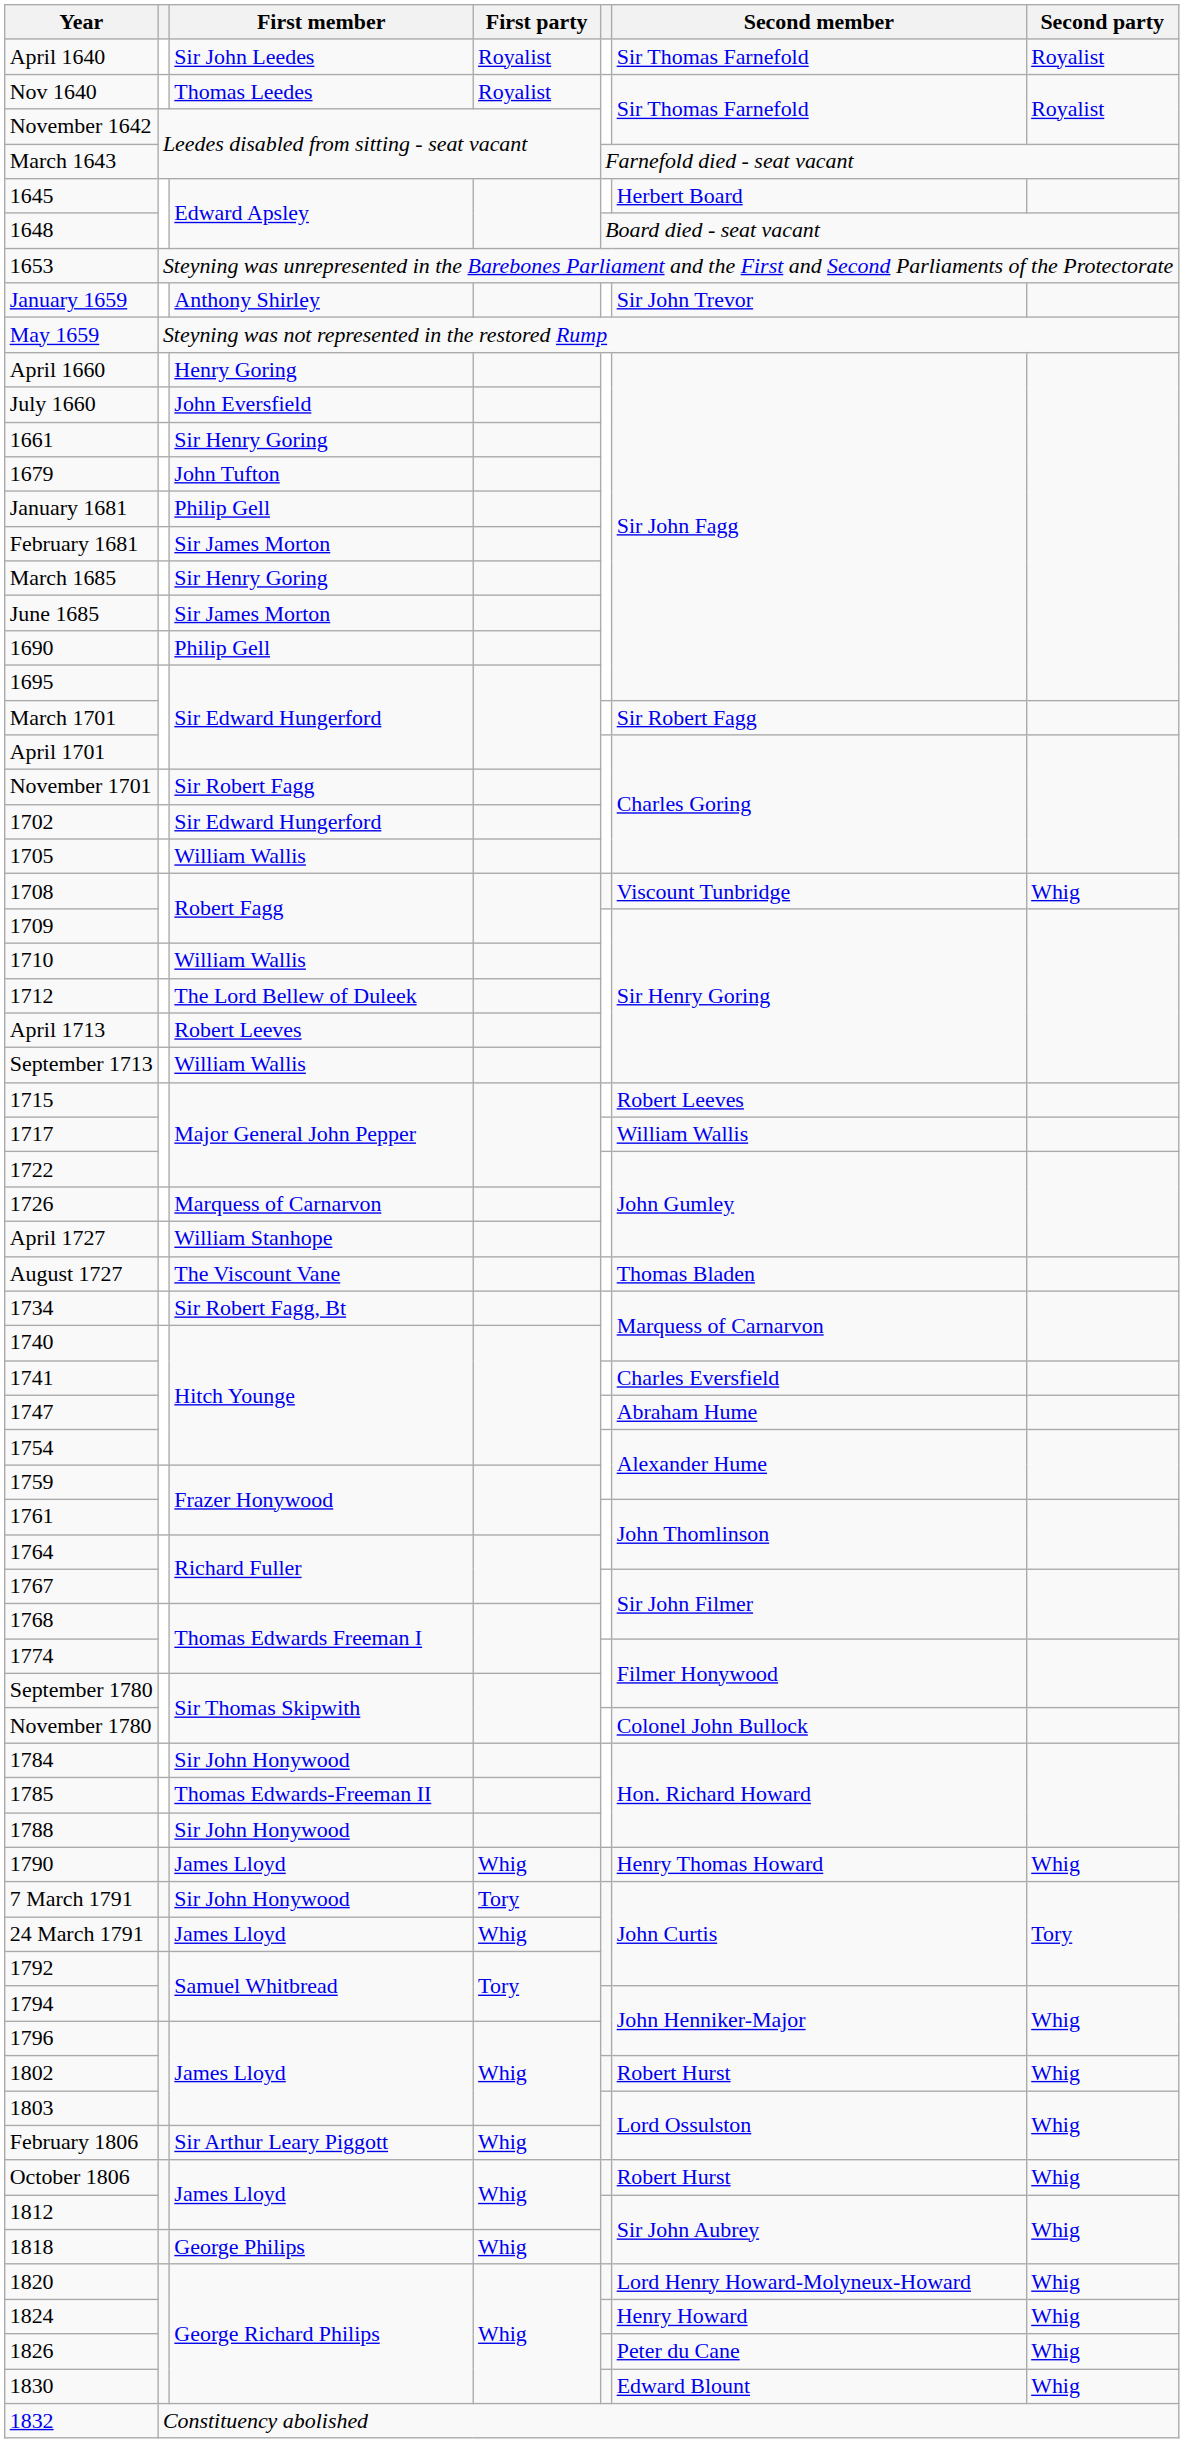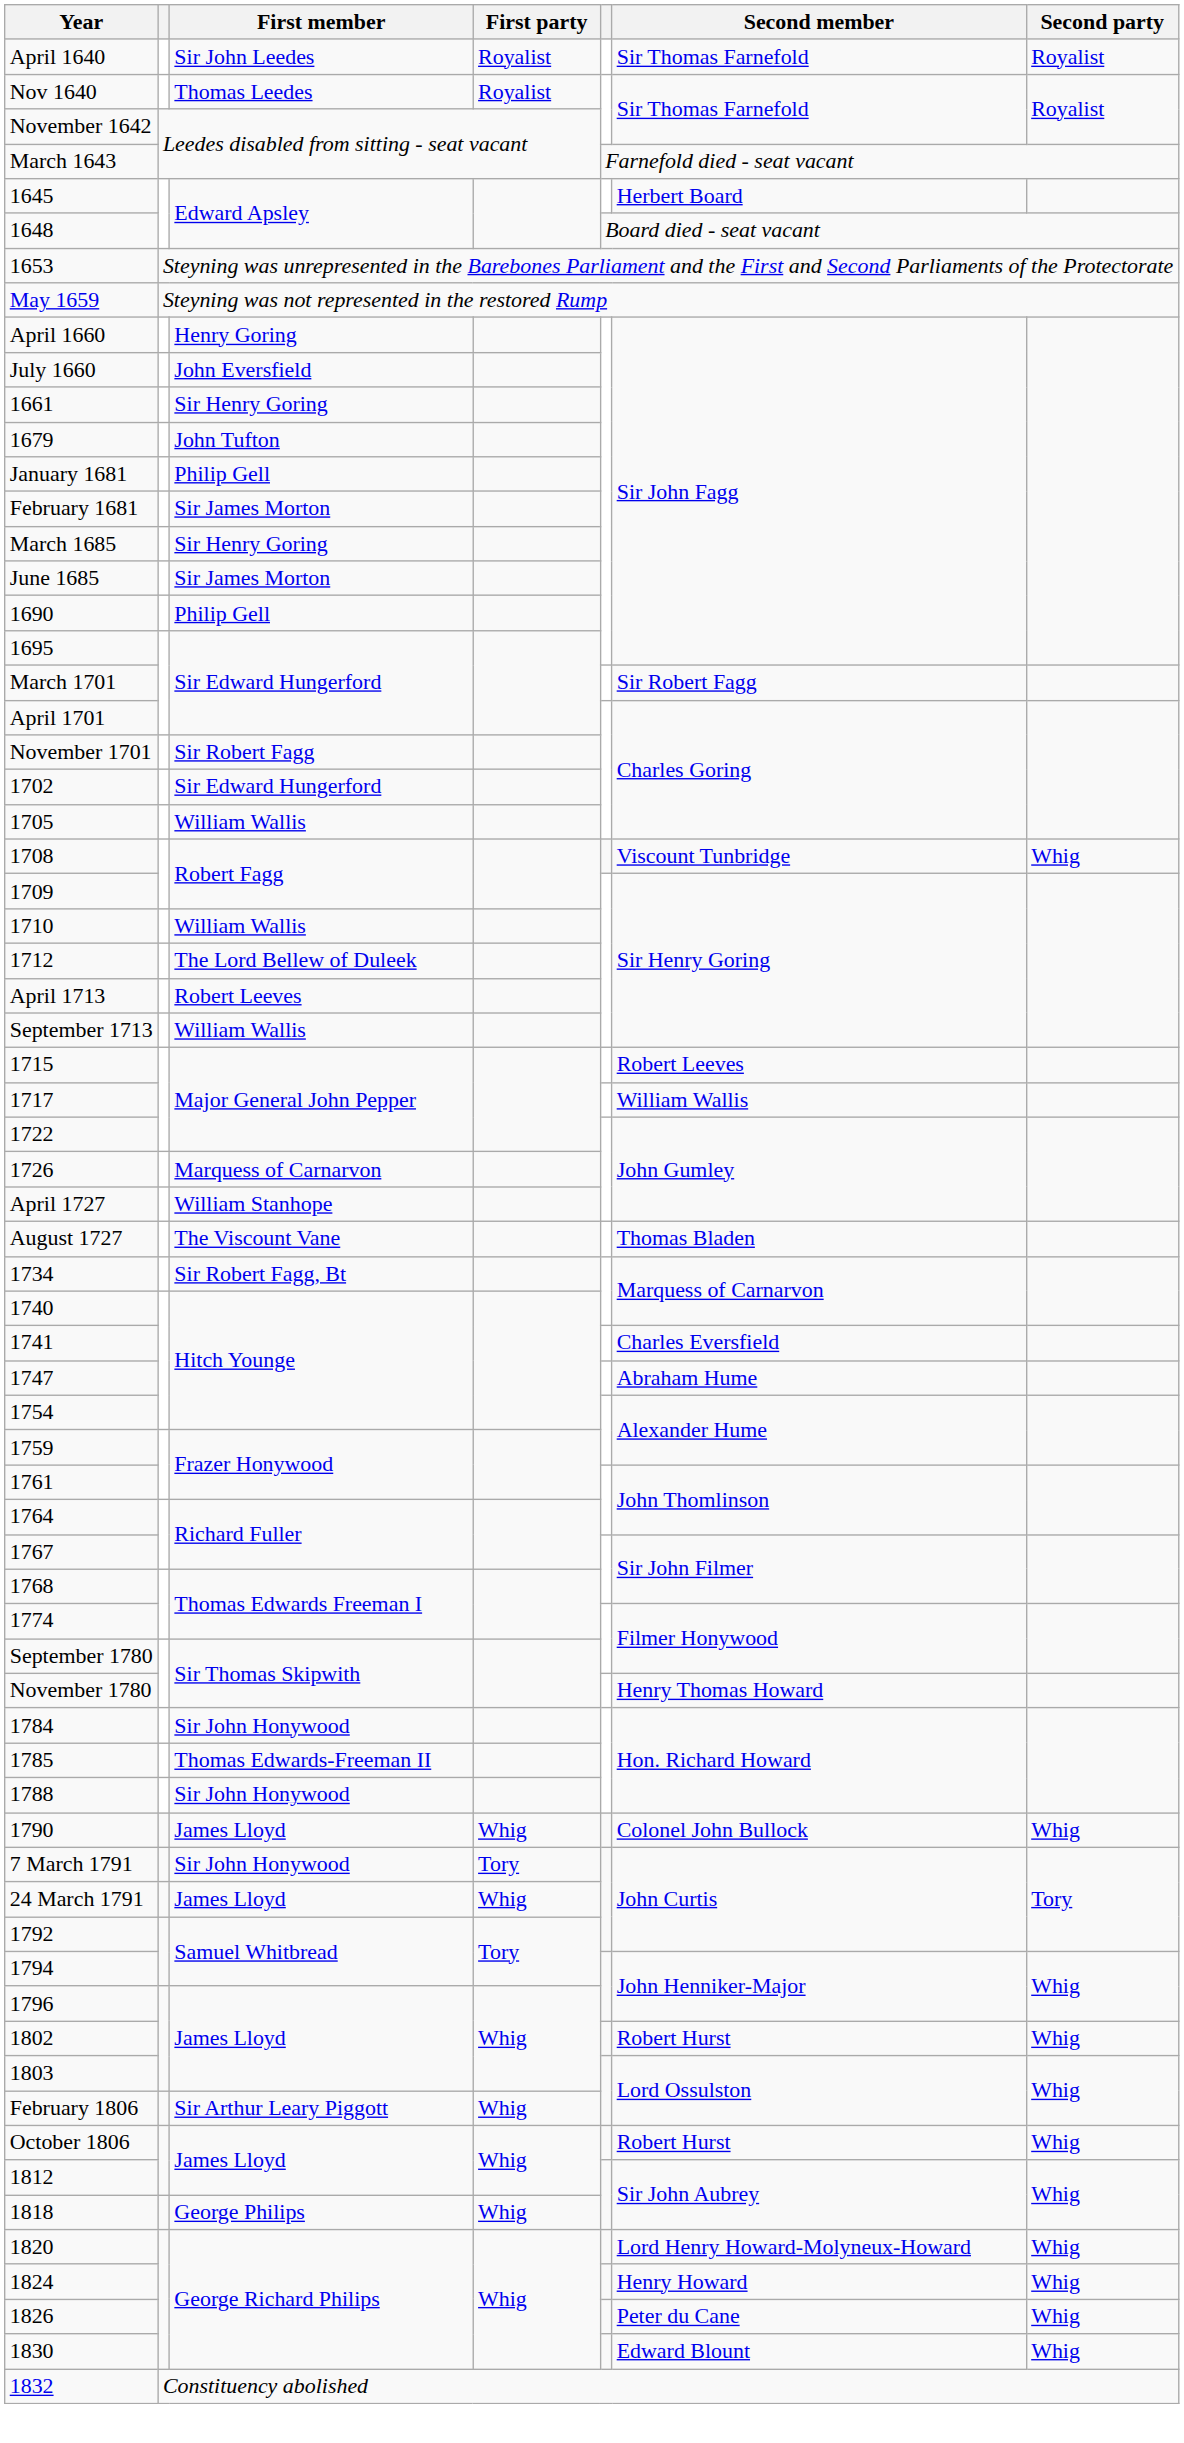 <table class="wikitable">
 <tr>
 <th>Year</th>
 <th></th>
 <th>First member</th>
 <th>First party</th>
 <th></th>
 <th>Second member</th>
 <th>Second party</th>
 </tr>
 <tr>
 <td>April 1640</td>
 <td style="color:inherit;background-color: white"></td>
 <td><a href='#'>Sir John Leedes</a></td>
 <td><a href='#'>Royalist</a></td>
 <td style="color:inherit;background-color: white"></td>
 <td><a href='#'>Sir Thomas Farnefold</a></td>
 <td><a href='#'>Royalist</a></td>
 </tr>
 <tr>
 <td>Nov 1640</td>
 <td style="color:inherit;background-color: white"></td>
 <td><a href='#'>Thomas Leedes</a></td>
 <td><a href='#'>Royalist</a></td>
 <td rowspan="2" style="color:inherit;background-color: white"></td>
 <td rowspan="2"><a href='#'>Sir Thomas Farnefold</a></td>
 <td rowspan="2"><a href='#'>Royalist</a></td>
 </tr>
 <tr>
 <td>November 1642</td>
 <td rowspan="2" colspan="3"><em>Leedes disabled from sitting - seat vacant</em></td>
 </tr>
 <tr>
 <td>March 1643</td>
 <td colspan="3"><em>Farnefold died - seat vacant</em></td>
 </tr>
 <tr>
 <td>1645</td>
 <td rowspan="2" style="color:inherit;background-color: white"></td>
 <td rowspan="2"><a href='#'>Edward Apsley</a></td>
 <td rowspan="2"></td>
 <td style="color:inherit;background-color: white"></td>
 <td><a href='#'>Herbert Board</a></td>
 <td></td>
 </tr>
 <tr>
 <td>1648</td>
 <td colspan="3"><em>Board died - seat vacant</em></td>
 </tr>
 <tr>
 <td>1653</td>
 <td colspan="6"><em>Steyning was unrepresented in the <a href='#'>Barebones Parliament</a> and the <a href='#'>First</a> and <a href='#'>Second</a> Parliaments of the Protectorate</em></td>
-</tr>
-<tr>
-<td><a href='#'>January 1659</a></td>
-<td style="color:inherit;background-color: white"></td>
-<td><a href='#'>Anthony Shirley</a></td>
-<td></td>
-<td style="color:inherit;background-color: white"></td>
-<td><a href='#'>Sir John Trevor</a></td>
-<td></td>
 </tr>
 <tr>
 <td><a href='#'>May 1659</a></td>
 <td colspan="6"><em>Steyning was not represented in the restored <a href='#'>Rump</a></em></td>
 </tr>
 <tr>
 <td>April 1660</td>
 <td style="color:inherit;background-color: white"></td>
 <td><a href='#'>Henry Goring</a></td>
 <td></td>
 <td rowspan="10" style="color:inherit;background-color: white"></td>
 <td rowspan="10"><a href='#'>Sir John Fagg</a></td>
 <td rowspan="10"></td>
 </tr>
 <tr>
 <td>July 1660</td>
 <td style="color:inherit;background-color: white"></td>
 <td><a href='#'>John Eversfield</a></td>
 <td></td>
 </tr>
 <tr>
 <td>1661</td>
 <td style="color:inherit;background-color: white"></td>
 <td><a href='#'>Sir Henry Goring</a></td>
 <td></td>
 </tr>
 <tr>
 <td>1679</td>
 <td style="color:inherit;background-color: white"></td>
 <td><a href='#'>John Tufton</a></td>
 <td></td>
 </tr>
 <tr>
 <td>January 1681</td>
 <td style="color:inherit;background-color: white"></td>
 <td><a href='#'>Philip Gell</a></td>
 <td></td>
 </tr>
 <tr>
 <td>February 1681</td>
 <td style="color:inherit;background-color: white"></td>
 <td><a href='#'>Sir James Morton</a></td>
 <td></td>
 </tr>
 <tr>
 <td>March 1685</td>
 <td style="color:inherit;background-color: white"></td>
 <td><a href='#'>Sir Henry Goring</a></td>
 <td></td>
 </tr>
 <tr>
 <td>June 1685</td>
 <td style="color:inherit;background-color: white"></td>
 <td><a href='#'>Sir James Morton</a></td>
 <td></td>
 </tr>
 <tr>
 <td>1690</td>
 <td style="color:inherit;background-color: white"></td>
 <td><a href='#'>Philip Gell</a></td>
 <td></td>
 </tr>
 <tr>
 <td>1695</td>
 <td rowspan="3" style="color:inherit;background-color: white"></td>
 <td rowspan="3"><a href='#'>Sir Edward Hungerford</a></td>
 <td rowspan="3"></td>
 </tr>
 <tr>
 <td>March 1701</td>
 <td style="color:inherit;background-color: white"></td>
 <td><a href='#'>Sir Robert Fagg</a></td>
 <td></td>
 </tr>
 <tr>
 <td>April 1701</td>
 <td rowspan="4" style="color:inherit;background-color: white"></td>
 <td rowspan="4"><a href='#'>Charles Goring</a></td>
 <td rowspan="4"></td>
 </tr>
 <tr>
 <td>November 1701</td>
 <td style="color:inherit;background-color: white"></td>
 <td><a href='#'>Sir Robert Fagg</a></td>
 <td></td>
 </tr>
 <tr>
 <td>1702</td>
 <td style="color:inherit;background-color: white"></td>
 <td><a href='#'>Sir Edward Hungerford</a></td>
 <td></td>
 </tr>
 <tr>
 <td>1705</td>
 <td style="color:inherit;background-color: white"></td>
 <td><a href='#'>William Wallis</a></td>
 <td></td>
 </tr>
 <tr>
 <td>1708</td>
 <td rowspan="2" style="color:inherit;background-color: white"></td>
 <td rowspan="2"><a href='#'>Robert Fagg</a></td>
 <td rowspan="2"></td>
 <td style="color:inherit;background-color: "></td>
 <td><a href='#'>Viscount Tunbridge</a></td>
 <td><a href='#'>Whig</a></td>
 </tr>
 <tr>
 <td>1709</td>
 <td rowspan="5" style="color:inherit;background-color: white"></td>
 <td rowspan="5"><a href='#'>Sir Henry Goring</a></td>
 <td rowspan="5"></td>
 </tr>
 <tr>
 <td>1710</td>
 <td style="color:inherit;background-color: white"></td>
 <td><a href='#'>William Wallis</a></td>
 <td></td>
 </tr>
 <tr>
 <td>1712</td>
 <td style="color:inherit;background-color: white"></td>
 <td><a href='#'>The Lord Bellew of Duleek</a></td>
 <td></td>
 </tr>
 <tr>
 <td>April 1713</td>
 <td style="color:inherit;background-color: white"></td>
 <td><a href='#'>Robert Leeves</a></td>
 <td></td>
 </tr>
 <tr>
 <td>September 1713</td>
 <td style="color:inherit;background-color: white"></td>
 <td><a href='#'>William Wallis</a></td>
 <td></td>
 </tr>
 <tr>
 <td>1715</td>
 <td rowspan="3" style="color:inherit;background-color: white"></td>
 <td rowspan="3"><a href='#'>Major General John Pepper</a></td>
 <td rowspan="3"></td>
 <td style="color:inherit;background-color: white"></td>
 <td><a href='#'>Robert Leeves</a></td>
 <td></td>
 </tr>
 <tr>
 <td>1717</td>
 <td style="color:inherit;background-color: white"></td>
 <td><a href='#'>William Wallis</a></td>
 <td></td>
 </tr>
 <tr>
 <td>1722</td>
 <td rowspan="3" style="color:inherit;background-color: white"></td>
 <td rowspan="3"><a href='#'>John Gumley</a></td>
 <td rowspan="3"></td>
 </tr>
 <tr>
 <td>1726</td>
 <td style="color:inherit;background-color: white"></td>
 <td><a href='#'>Marquess of Carnarvon</a></td>
 <td></td>
 </tr>
 <tr>
 <td>April 1727</td>
 <td style="color:inherit;background-color: white"></td>
 <td><a href='#'>William Stanhope</a></td>
 <td></td>
 </tr>
 <tr>
 <td>August 1727</td>
 <td style="color:inherit;background-color: white"></td>
 <td><a href='#'>The Viscount Vane</a></td>
 <td></td>
 <td style="color:inherit;background-color: white"></td>
 <td><a href='#'>Thomas Bladen</a></td>
 <td></td>
 </tr>
 <tr>
 <td>1734</td>
 <td style="color:inherit;background-color: white"></td>
 <td><a href='#'>Sir Robert Fagg, Bt</a></td>
 <td></td>
 <td rowspan="2" style="color:inherit;background-color: white"></td>
 <td rowspan="2"><a href='#'>Marquess of Carnarvon</a></td>
 <td rowspan="2"></td>
 </tr>
 <tr>
 <td>1740</td>
 <td rowspan="4" style="color:inherit;background-color: white"></td>
 <td rowspan="4"><a href='#'>Hitch Younge</a></td>
 <td rowspan="4"></td>
 </tr>
 <tr>
 <td>1741</td>
 <td style="color:inherit;background-color: white"></td>
 <td><a href='#'>Charles Eversfield</a></td>
 <td></td>
 </tr>
 <tr>
 <td>1747</td>
 <td rowspan="1" style="color:inherit;background-color: white"></td>
 <td rowspan="1"><a href='#'>Abraham Hume</a></td>
 <td rowspan="1"></td>
 </tr>
 <tr>
 <td>1754</td>
 <td rowspan="2" style="color:inherit;background-color: white"></td>
 <td rowspan="2"><a href='#'>Alexander Hume</a></td>
 <td rowspan="2"></td>
 </tr>
 <tr>
 <td>1759</td>
 <td rowspan="2" style="color:inherit;background-color: white"></td>
 <td rowspan="2"><a href='#'>Frazer Honywood</a></td>
 <td rowspan="2"></td>
 </tr>
 <tr>
 <td>1761</td>
 <td rowspan="2" style="color:inherit;background-color: white"></td>
 <td rowspan="2"><a href='#'>John Thomlinson</a></td>
 <td rowspan="2"></td>
 </tr>
 <tr>
 <td>1764</td>
 <td rowspan="2" style="color:inherit;background-color: white"></td>
 <td rowspan="2"><a href='#'>Richard Fuller</a></td>
 <td rowspan="2"></td>
 </tr>
 <tr>
 <td>1767</td>
 <td rowspan="2" style="color:inherit;background-color: white"></td>
 <td rowspan="2"><a href='#'>Sir John Filmer</a></td>
 <td rowspan="2"></td>
 </tr>
 <tr>
 <td>1768</td>
 <td rowspan="2" style="color:inherit;background-color: white"></td>
 <td rowspan="2"><a href='#'>Thomas Edwards Freeman I</a></td>
 <td rowspan="2"></td>
 </tr>
 <tr>
 <td>1774</td>
 <td rowspan="2" style="color:inherit;background-color: white"></td>
 <td rowspan="2"><a href='#'>Filmer Honywood</a></td>
 <td rowspan="2"></td>
 </tr>
 <tr>
 <td>September 1780</td>
 <td rowspan="2" style="color:inherit;background-color: white"></td>
 <td rowspan="2"><a href='#'>Sir Thomas Skipwith</a></td>
 <td rowspan="2"></td>
 </tr>
 <tr>
 <td>November 1780</td>
 <td style="color:inherit;background-color: white"></td>
-<td><a href='#'>Colonel John Bullock</a></td>
+<td><a href='#'>Henry Thomas Howard</a></td>
 <td></td>
 </tr>
 <tr>
 <td>1784</td>
 <td style="color:inherit;background-color: white"></td>
 <td><a href='#'>Sir John Honywood</a></td>
 <td></td>
 <td rowspan="3" style="color:inherit;background-color: white"></td>
 <td rowspan="3"><a href='#'>Hon. Richard Howard</a></td>
 <td rowspan="3"></td>
 </tr>
 <tr>
 <td>1785</td>
 <td style="color:inherit;background-color: white"></td>
 <td><a href='#'>Thomas Edwards-Freeman II</a></td>
 <td></td>
 </tr>
 <tr>
 <td>1788</td>
 <td style="color:inherit;background-color: white"></td>
 <td><a href='#'>Sir John Honywood</a></td>
 <td></td>
 </tr>
 <tr>
 <td>1790 </td>
 <td style="color:inherit;background-color: "></td>
 <td><a href='#'>James Lloyd</a></td>
 <td><a href='#'>Whig</a></td>
 <td style="color:inherit;background-color: "></td>
-<td><a href='#'>Henry Thomas Howard</a></td>
+<td><a href='#'>Colonel John Bullock</a></td>
 <td><a href='#'>Whig</a></td>
 </tr>
 <tr>
 <td>7 March 1791</td>
 <td style="color:inherit;background-color: "></td>
 <td><a href='#'>Sir John Honywood</a></td>
 <td><a href='#'>Tory</a></td>
 <td rowspan="3" style="color:inherit;background-color: "></td>
 <td rowspan="3"><a href='#'>John Curtis</a></td>
 <td rowspan="3"><a href='#'>Tory</a></td>
 </tr>
 <tr>
 <td>24 March 1791</td>
 <td style="color:inherit;background-color: "></td>
 <td><a href='#'>James Lloyd</a></td>
 <td><a href='#'>Whig</a></td>
 </tr>
 <tr>
 <td>1792</td>
 <td rowspan="2" style="color:inherit;background-color: "></td>
 <td rowspan="2"><a href='#'>Samuel Whitbread</a></td>
 <td rowspan="2"><a href='#'>Tory</a></td>
 </tr>
 <tr>
 <td>1794</td>
 <td rowspan="2" style="color:inherit;background-color: "></td>
 <td rowspan="2"><a href='#'>John Henniker-Major</a></td>
 <td rowspan="2"><a href='#'>Whig</a></td>
 </tr>
 <tr>
 <td>1796</td>
 <td rowspan="3" style="color:inherit;background-color: "></td>
 <td rowspan="3"><a href='#'>James Lloyd</a></td>
 <td rowspan="3"><a href='#'>Whig</a></td>
 </tr>
 <tr>
 <td>1802</td>
 <td style="color:inherit;background-color: "></td>
 <td><a href='#'>Robert Hurst</a></td>
 <td><a href='#'>Whig</a></td>
 </tr>
 <tr>
 <td>1803</td>
 <td rowspan="2" style="color:inherit;background-color: "></td>
 <td rowspan="2"><a href='#'>Lord Ossulston</a></td>
 <td rowspan="2"><a href='#'>Whig</a></td>
 </tr>
 <tr>
 <td>February 1806</td>
 <td style="color:inherit;background-color: "></td>
 <td><a href='#'>Sir Arthur Leary Piggott</a></td>
 <td><a href='#'>Whig</a></td>
 </tr>
 <tr>
 <td>October 1806</td>
 <td rowspan="2" style="color:inherit;background-color: "></td>
 <td rowspan="2"><a href='#'>James Lloyd</a></td>
 <td rowspan="2"><a href='#'>Whig</a></td>
 <td style="color:inherit;background-color: "></td>
 <td><a href='#'>Robert Hurst</a></td>
 <td><a href='#'>Whig</a></td>
 </tr>
 <tr>
 <td>1812</td>
 <td rowspan="2" style="color:inherit;background-color: "></td>
 <td rowspan="2"><a href='#'>Sir John Aubrey</a></td>
 <td rowspan="2"><a href='#'>Whig</a></td>
 </tr>
 <tr>
 <td>1818</td>
 <td style="color:inherit;background-color: "></td>
 <td><a href='#'>George Philips</a></td>
 <td><a href='#'>Whig</a></td>
 </tr>
 <tr>
 <td>1820</td>
 <td rowspan="4" style="color:inherit;background-color: "></td>
 <td rowspan="4"><a href='#'>George Richard Philips</a></td>
 <td rowspan="4"><a href='#'>Whig</a></td>
 <td style="color:inherit;background-color: "></td>
 <td><a href='#'>Lord Henry Howard-Molyneux-Howard</a></td>
 <td><a href='#'>Whig</a></td>
 </tr>
 <tr>
 <td>1824</td>
 <td style="color:inherit;background-color: "></td>
 <td><a href='#'>Henry Howard</a></td>
 <td><a href='#'>Whig</a></td>
 </tr>
 <tr>
 <td>1826</td>
 <td style="color:inherit;background-color: "></td>
 <td><a href='#'>Peter du Cane</a></td>
 <td><a href='#'>Whig</a></td>
 </tr>
 <tr>
 <td>1830</td>
 <td style="color:inherit;background-color: "></td>
 <td><a href='#'>Edward Blount</a></td>
 <td><a href='#'>Whig</a></td>
 </tr>
 <tr>
 <td><a href='#'>1832</a></td>
 <td colspan="6"><em>Constituency abolished</em></td>
 </tr>
 </table>
